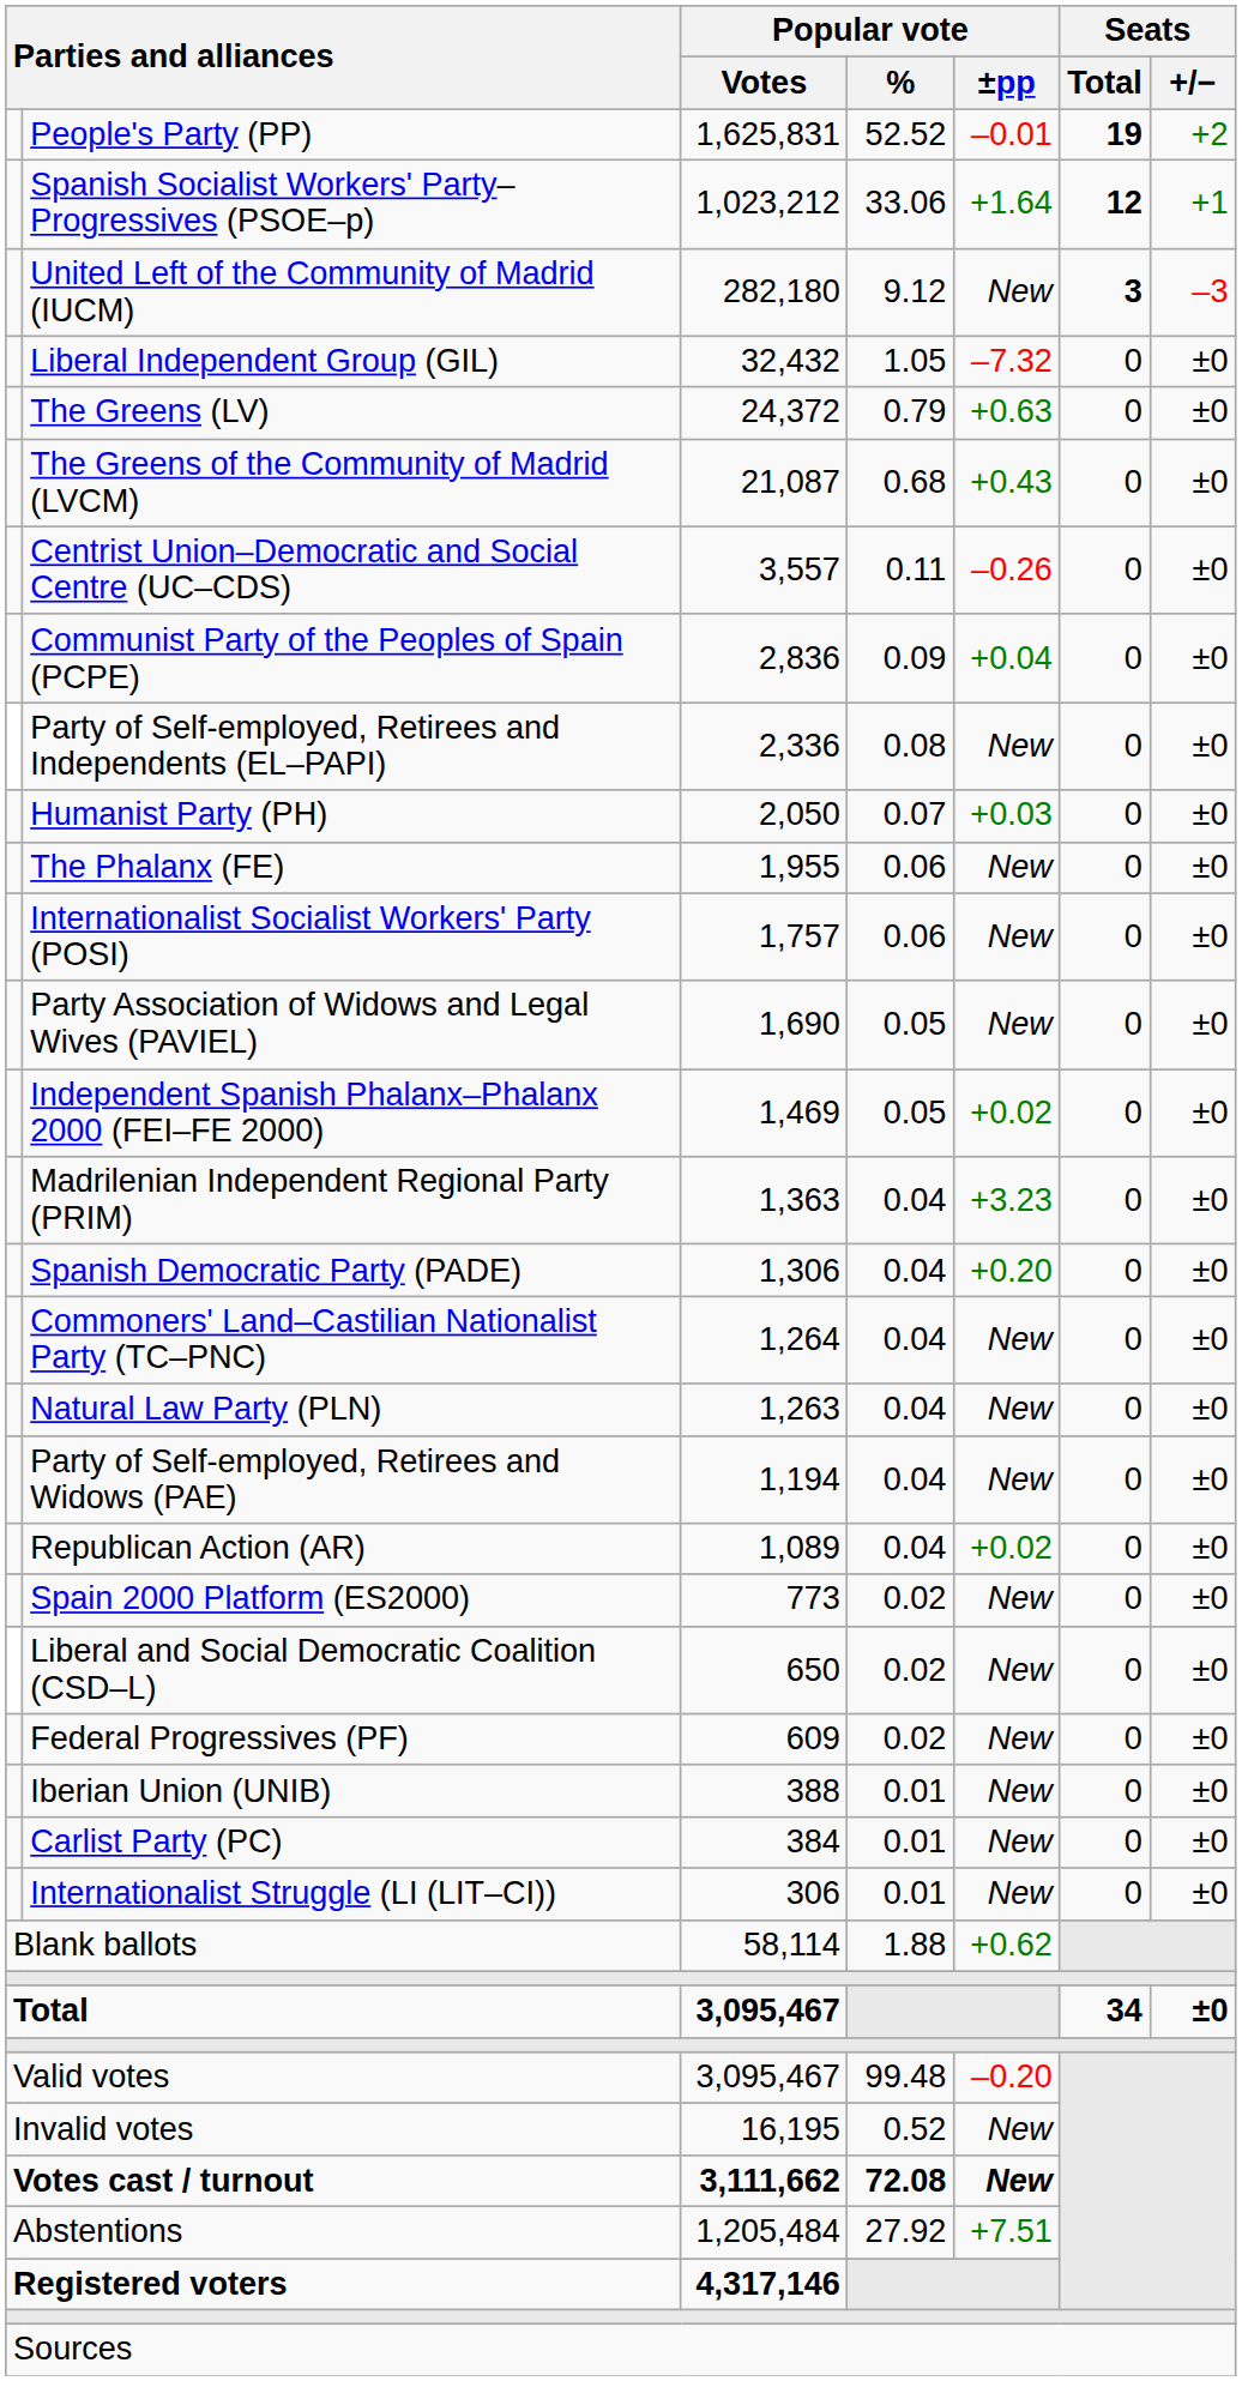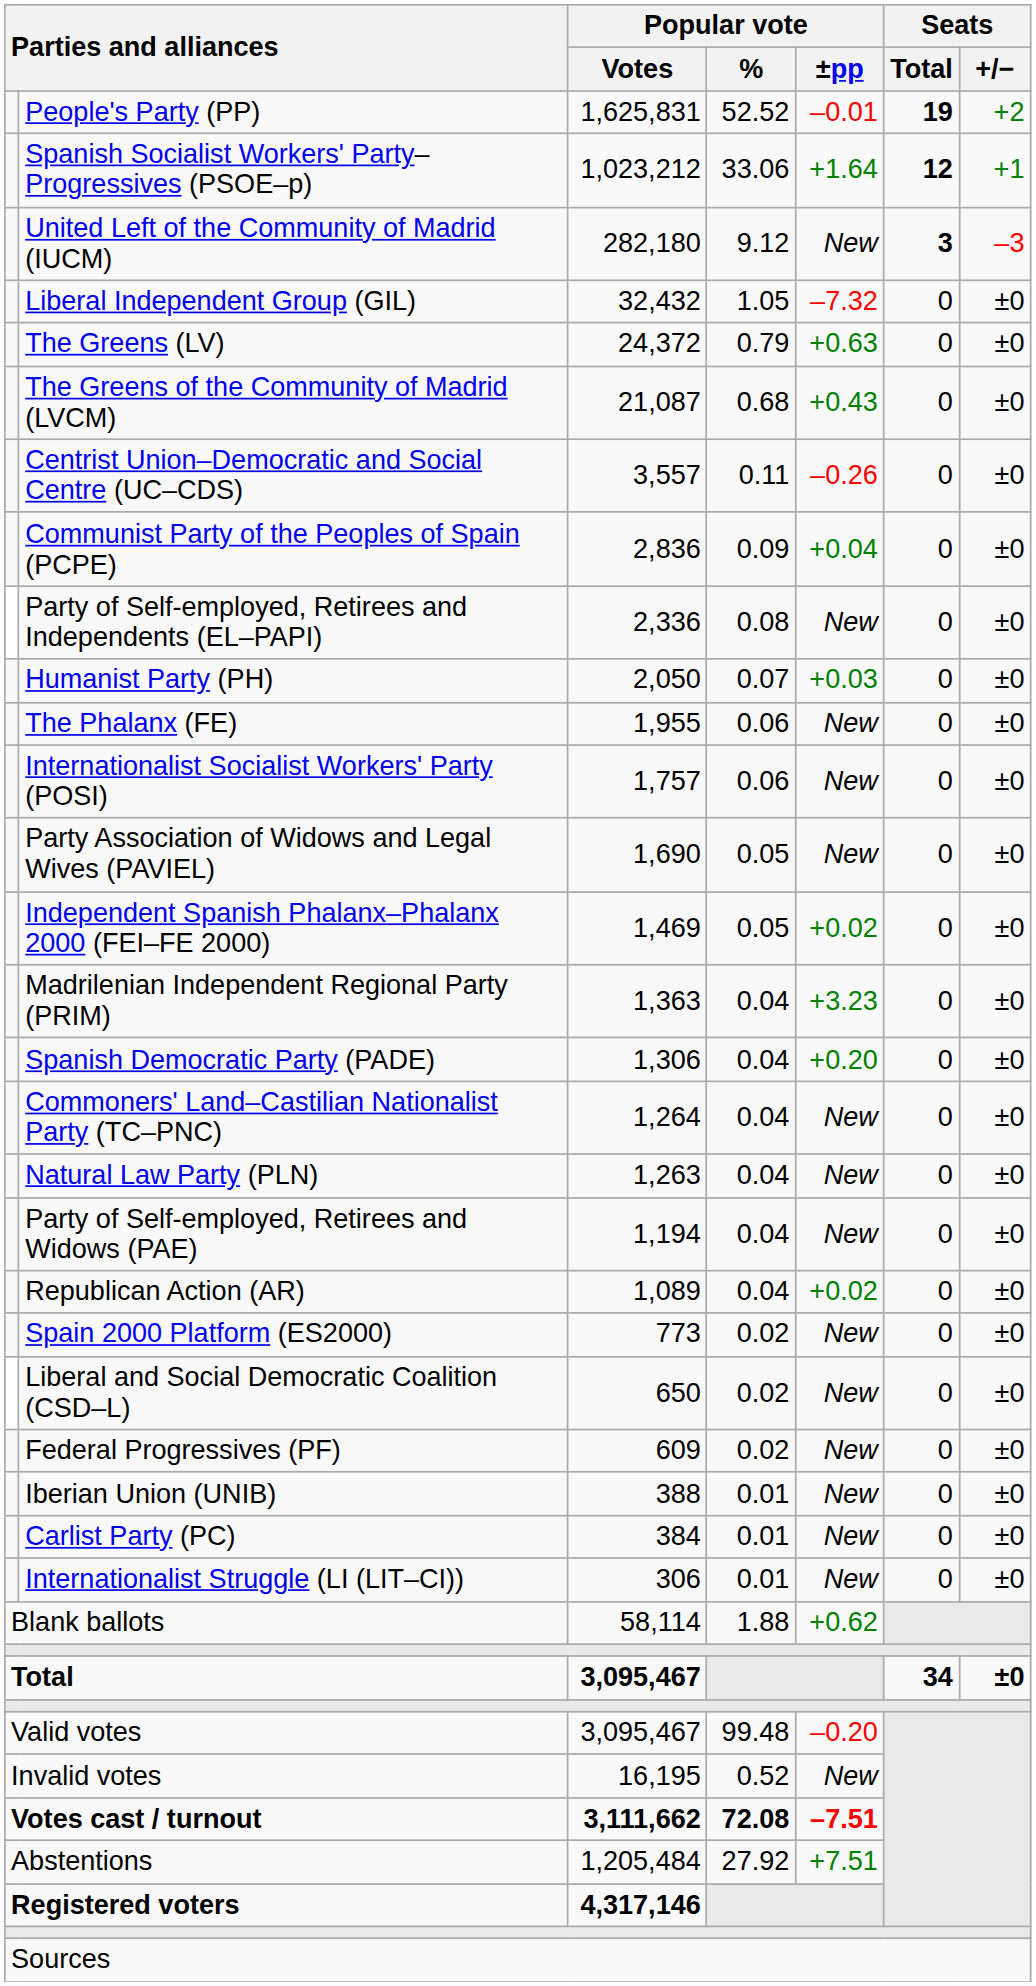 <table class="wikitable" style="text-align:right;">
 <tr>
 <th style="text-align:left;" rowspan="2" colspan="2" width="525">Parties and alliances</th>
 <th colspan="3">Popular vote</th>
 <th colspan="2">Seats</th>
 </tr>
 <tr>
 <th width="75">Votes</th>
 <th width="45">%</th>
 <th width="45">±<a href='#'>pp</a></th>
 <th width="35">Total</th>
 <th width="35">+/−</th>
 </tr>
 <tr>
 <td width="1" style="color:inherit;background:"></td>
 <td align="left"><a href='#'>People's Party</a> (PP)</td>
 <td>1,625,831</td>
 <td>52.52</td>
 <td style="color:red;">–0.01</td>
 <td><strong>19</strong></td>
 <td style="color:green;">+2</td>
 </tr>
 <tr>
 <td style="color:inherit;background:"></td>
 <td align="left"><a href='#'>Spanish Socialist Workers' Party</a>–<a href='#'>Progressives</a> (PSOE–p)</td>
 <td>1,023,212</td>
 <td>33.06</td>
 <td style="color:green;">+1.64</td>
 <td><strong>12</strong></td>
 <td style="color:green;">+1</td>
 </tr>
 <tr>
 <td style="color:inherit;background:"></td>
 <td align="left"><a href='#'>United Left of the Community of Madrid</a> (IUCM)</td>
 <td>282,180</td>
 <td>9.12</td>
 <td><em>New</em></td>
 <td><strong>3</strong></td>
 <td style="color:red;">–3</td>
 </tr>
 <tr>
 <td style="color:inherit;background:"></td>
 <td align="left"><a href='#'>Liberal Independent Group</a> (GIL)</td>
 <td>32,432</td>
 <td>1.05</td>
 <td style="color:red;">–7.32</td>
 <td>0</td>
 <td>±0</td>
 </tr>
 <tr>
 <td style="color:inherit;background:"></td>
 <td align="left"><a href='#'>The Greens</a> (LV)</td>
 <td>24,372</td>
 <td>0.79</td>
 <td style="color:green;">+0.63</td>
 <td>0</td>
 <td>±0</td>
 </tr>
 <tr>
 <td style="color:inherit;background:"></td>
 <td align="left"><a href='#'>The Greens of the Community of Madrid</a> (LVCM)</td>
 <td>21,087</td>
 <td>0.68</td>
 <td style="color:green;">+0.43</td>
 <td>0</td>
 <td>±0</td>
 </tr>
 <tr>
 <td style="color:inherit;background:"></td>
 <td align="left"><a href='#'>Centrist Union–Democratic and Social Centre</a> (UC–CDS)</td>
 <td>3,557</td>
 <td>0.11</td>
 <td style="color:red;">–0.26</td>
 <td>0</td>
 <td>±0</td>
 </tr>
 <tr>
 <td style="color:inherit;background:"></td>
 <td align="left"><a href='#'>Communist Party of the Peoples of Spain</a> (PCPE)</td>
 <td>2,836</td>
 <td>0.09</td>
 <td style="color:green;">+0.04</td>
 <td>0</td>
 <td>±0</td>
 </tr>
 <tr>
 <td bgcolor="white"></td>
 <td align="left">Party of Self-employed, Retirees and Independents (EL–PAPI)</td>
 <td>2,336</td>
 <td>0.08</td>
 <td><em>New</em></td>
 <td>0</td>
 <td>±0</td>
 </tr>
 <tr>
 <td style="color:inherit;background:"></td>
 <td align="left"><a href='#'>Humanist Party</a> (PH)</td>
 <td>2,050</td>
 <td>0.07</td>
 <td style="color:green;">+0.03</td>
 <td>0</td>
 <td>±0</td>
 </tr>
 <tr>
 <td style="color:inherit;background:"></td>
 <td align="left"><a href='#'>The Phalanx</a> (FE)</td>
 <td>1,955</td>
 <td>0.06</td>
 <td><em>New</em></td>
 <td>0</td>
 <td>±0</td>
 </tr>
 <tr>
 <td style="color:inherit;background:"></td>
 <td align="left"><a href='#'>Internationalist Socialist Workers' Party</a> (POSI)</td>
 <td>1,757</td>
 <td>0.06</td>
 <td><em>New</em></td>
 <td>0</td>
 <td>±0</td>
 </tr>
 <tr>
 <td style="color:inherit;background:"></td>
 <td align="left">Party Association of Widows and Legal Wives (PAVIEL)</td>
 <td>1,690</td>
 <td>0.05</td>
 <td><em>New</em></td>
 <td>0</td>
 <td>±0</td>
 </tr>
 <tr>
 <td style="color:inherit;background:"></td>
 <td align="left"><a href='#'>Independent Spanish Phalanx–Phalanx 2000</a> (FEI–FE 2000)</td>
 <td>1,469</td>
 <td>0.05</td>
 <td style="color:green;">+0.02</td>
 <td>0</td>
 <td>±0</td>
 </tr>
 <tr>
 <td style="color:inherit;background:"></td>
 <td align="left">Madrilenian Independent Regional Party (PRIM)</td>
 <td>1,363</td>
 <td>0.04</td>
 <td style="color:green;">+3.23</td>
 <td>0</td>
 <td>±0</td>
 </tr>
 <tr>
 <td style="color:inherit;background:"></td>
 <td align="left"><a href='#'>Spanish Democratic Party</a> (PADE)</td>
 <td>1,306</td>
 <td>0.04</td>
 <td style="color:green;">+0.20</td>
 <td>0</td>
 <td>±0</td>
 </tr>
 <tr>
 <td style="color:inherit;background:"></td>
 <td align="left"><a href='#'>Commoners' Land–Castilian Nationalist Party</a> (TC–PNC)</td>
 <td>1,264</td>
 <td>0.04</td>
 <td><em>New</em></td>
 <td>0</td>
 <td>±0</td>
 </tr>
 <tr>
 <td style="color:inherit;background:"></td>
 <td align="left"><a href='#'>Natural Law Party</a> (PLN)</td>
 <td>1,263</td>
 <td>0.04</td>
 <td><em>New</em></td>
 <td>0</td>
 <td>±0</td>
 </tr>
 <tr>
 <td style="color:inherit;background:"></td>
 <td align="left">Party of Self-employed, Retirees and Widows (PAE)</td>
 <td>1,194</td>
 <td>0.04</td>
 <td><em>New</em></td>
 <td>0</td>
 <td>±0</td>
 </tr>
 <tr>
 <td style="color:inherit;background:"></td>
 <td align="left">Republican Action (AR)</td>
 <td>1,089</td>
 <td>0.04</td>
 <td style="color:green;">+0.02</td>
 <td>0</td>
 <td>±0</td>
 </tr>
 <tr>
 <td style="color:inherit;background:"></td>
 <td align="left"><a href='#'>Spain 2000 Platform</a> (ES2000)</td>
 <td>773</td>
 <td>0.02</td>
 <td><em>New</em></td>
 <td>0</td>
 <td>±0</td>
 </tr>
 <tr>
 <td bgcolor="white"></td>
 <td align="left">Liberal and Social Democratic Coalition (CSD–L)</td>
 <td>650</td>
 <td>0.02</td>
 <td><em>New</em></td>
 <td>0</td>
 <td>±0</td>
 </tr>
 <tr>
 <td style="color:inherit;background:"></td>
 <td align="left">Federal Progressives (PF)</td>
 <td>609</td>
 <td>0.02</td>
 <td><em>New</em></td>
 <td>0</td>
 <td>±0</td>
 </tr>
 <tr>
 <td style="color:inherit;background:"></td>
 <td align="left">Iberian Union (UNIB)</td>
 <td>388</td>
 <td>0.01</td>
 <td><em>New</em></td>
 <td>0</td>
 <td>±0</td>
 </tr>
 <tr>
 <td style="color:inherit;background:"></td>
 <td align="left"><a href='#'>Carlist Party</a> (PC)</td>
 <td>384</td>
 <td>0.01</td>
 <td><em>New</em></td>
 <td>0</td>
 <td>±0</td>
 </tr>
 <tr>
 <td style="color:inherit;background:"></td>
 <td align="left"><a href='#'>Internationalist Struggle</a> (LI (LIT–CI))</td>
 <td>306</td>
 <td>0.01</td>
 <td><em>New</em></td>
 <td>0</td>
 <td>±0</td>
 </tr>
 <tr>
 <td align="left" colspan="2">Blank ballots</td>
 <td>58,114</td>
 <td>1.88</td>
 <td style="color:green;">+0.62</td>
 <td bgcolor="#E9E9E9" colspan="2"></td>
 </tr>
 <tr>
 <td colspan="7" bgcolor="#E9E9E9"></td>
 </tr>
 <tr style="font-weight:bold;">
 <td align="left" colspan="2">Total</td>
 <td>3,095,467</td>
 <td bgcolor="#E9E9E9" colspan="2"></td>
 <td>34</td>
 <td>±0</td>
 </tr>
 <tr>
 <td colspan="7" bgcolor="#E9E9E9"></td>
 </tr>
 <tr>
 <td align="left" colspan="2">Valid votes</td>
 <td>3,095,467</td>
 <td>99.48</td>
 <td style="color:red;">–0.20</td>
 <td bgcolor="#E9E9E9" colspan="2" rowspan="5"></td>
 </tr>
 <tr>
 <td align="left" colspan="2">Invalid votes</td>
 <td>16,195</td>
 <td>0.52</td>
 <td><em>New</em></td>
 </tr>
 <tr style="font-weight:bold;">
 <td align="left" colspan="2">Votes cast / turnout</td>
 <td>3,111,662</td>
 <td>72.08</td>
-<td><em>New</em></td>
+<td style="color:red;">–7.51</td>
 </tr>
 <tr>
 <td align="left" colspan="2">Abstentions</td>
 <td>1,205,484</td>
 <td>27.92</td>
 <td style="color:green;">+7.51</td>
 </tr>
 <tr style="font-weight:bold;">
 <td align="left" colspan="2">Registered voters</td>
 <td>4,317,146</td>
 <td bgcolor="#E9E9E9" colspan="2"></td>
 </tr>
 <tr>
 <td colspan="7" bgcolor="#E9E9E9"></td>
 </tr>
 <tr>
 <td align="left" colspan="7">Sources</td>
 </tr>
 </table>
